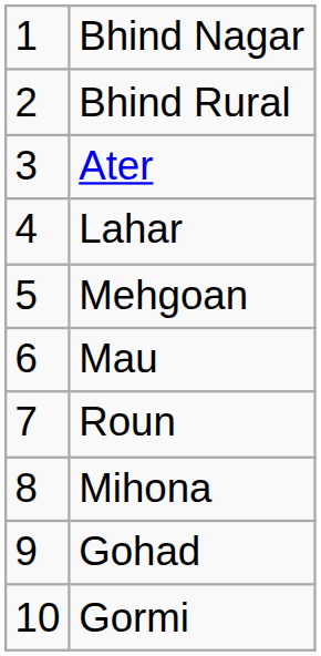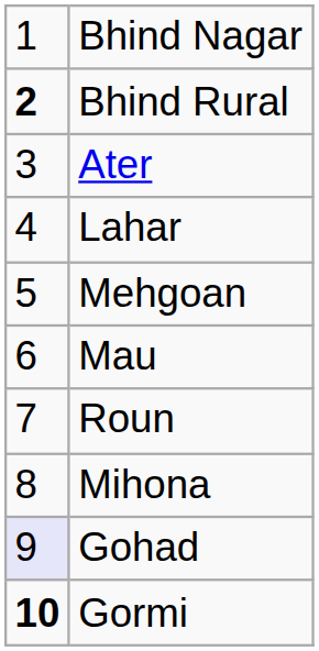 <table class="wikitable">
 <tr>
 <td>1</td>
 <td>Bhind Nagar</td>
 </tr>
 <tr>
-<td>2</td>
+<td><strong>2</strong></td>
 <td>Bhind Rural</td>
 </tr>
 <tr>
 <td>3</td>
 <td><a href='#'>Ater</a></td>
 </tr>
 <tr>
 <td>4</td>
 <td>Lahar</td>
 </tr>
 <tr>
 <td>5</td>
 <td>Mehgoan</td>
 </tr>
 <tr>
 <td>6</td>
 <td>Mau</td>
 </tr>
 <tr>
 <td>7</td>
 <td>Roun</td>
 </tr>
 <tr>
 <td>8</td>
 <td>Mihona</td>
 </tr>
 <tr>
-<td>9</td>
+<td style="background: lavender;">9</td>
 <td>Gohad</td>
 </tr>
 <tr>
-<td>10</td>
+<td><strong>10</strong></td>
 <td>Gormi</td>
 </tr>
 </table>
